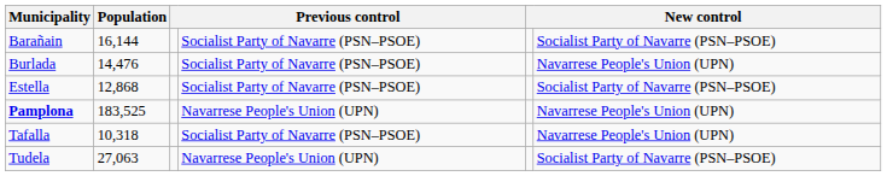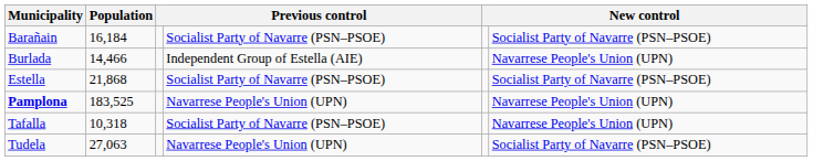 <table class="wikitable sortable">
 <tr>
 <th>Municipality</th>
 <th>Population</th>
 <th colspan="2" style="width:375px;">Previous control</th>
 <th colspan="2" style="width:375px;">New control</th>
 </tr>
 <tr>
 <td><a href='#'>Barañain</a></td>
-<td>16,144</td>
+<td>16,184</td>
 <td width="1" style="color:inherit;background:"></td>
 <td><a href='#'>Socialist Party of Navarre</a> (PSN–PSOE)</td>
 <td width="1" style="color:inherit;background:"></td>
 <td><a href='#'>Socialist Party of Navarre</a> (PSN–PSOE)</td>
 </tr>
 <tr>
 <td><a href='#'>Burlada</a></td>
-<td>14,476</td>
+<td>14,466</td>
 <td style="color:inherit;background:"></td>
-<td><a href='#'>Socialist Party of Navarre</a> (PSN–PSOE)</td>
+<td>Independent Group of Estella (AIE)</td>
 <td style="color:inherit;background:"></td>
 <td><a href='#'>Navarrese People's Union</a> (UPN)</td>
 </tr>
 <tr>
 <td><a href='#'>Estella</a></td>
-<td>12,868</td>
+<td>21,868</td>
 <td style="color:inherit;background:"></td>
 <td><a href='#'>Socialist Party of Navarre</a> (PSN–PSOE)</td>
 <td style="color:inherit;background:"></td>
 <td><a href='#'>Socialist Party of Navarre</a> (PSN–PSOE)</td>
 </tr>
 <tr>
 <td><strong><a href='#'>Pamplona</a></strong></td>
 <td>183,525</td>
 <td style="color:inherit;background:"></td>
 <td><a href='#'>Navarrese People's Union</a> (UPN)</td>
 <td style="color:inherit;background:"></td>
 <td><a href='#'>Navarrese People's Union</a> (UPN)</td>
 </tr>
 <tr>
 <td><a href='#'>Tafalla</a></td>
 <td>10,318</td>
 <td style="color:inherit;background:"></td>
 <td><a href='#'>Socialist Party of Navarre</a> (PSN–PSOE)</td>
 <td style="color:inherit;background:"></td>
 <td><a href='#'>Navarrese People's Union</a> (UPN)</td>
 </tr>
 <tr>
 <td><a href='#'>Tudela</a></td>
 <td>27,063</td>
 <td style="color:inherit;background:"></td>
 <td><a href='#'>Navarrese People's Union</a> (UPN)</td>
 <td style="color:inherit;background:"></td>
 <td><a href='#'>Socialist Party of Navarre</a> (PSN–PSOE)</td>
 </tr>
 </table>
